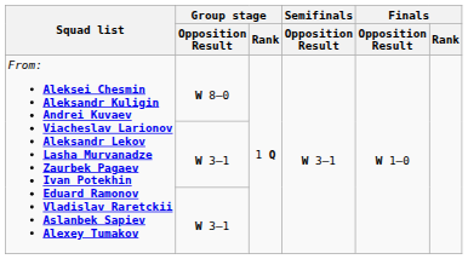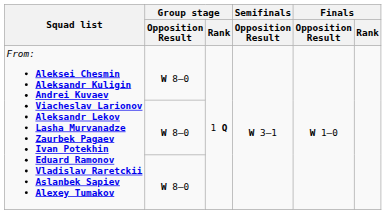 <table class=wikitable>
 <tr>
 <th rowspan="2">Squad list</th>
 <th colspan="2">Group stage</th>
 <th>Semifinals</th>
 <th colspan="2">Finals</th>
 </tr>
 <tr>
 <th>Opposition<br>Result</th>
 <th>Rank</th>
 <th>Opposition<br>Result</th>
 <th>Opposition<br>Result</th>
 <th>Rank</th>
 </tr>
 <tr>
 <td rowspan="3"><em>From:</em><br><ul><li><strong><a href='#'>Aleksei Chesmin</a></strong></li><li><strong><a href='#'>Aleksandr Kuligin</a></strong></li><li><strong><a href='#'>Andrei Kuvaev</a></strong></li><li><strong><a href='#'>Viacheslav Larionov</a></strong></li><li><strong><a href='#'>Aleksandr Lekov</a></strong></li><li><strong><a href='#'>Lasha Murvanadze</a></strong></li><li><strong><a href='#'>Zaurbek Pagaev</a></strong></li><li><strong><a href='#'>Ivan Potekhin</a></strong></li><li><strong><a href='#'>Eduard Ramonov</a></strong></li><li><strong><a href='#'>Vladislav Raretckii</a></strong></li><li><strong><a href='#'>Aslanbek Sapiev</a></strong></li><li><strong><a href='#'>Alexey Tumakov</a></strong></li></ul></td>
 <td align="center"><br><strong>W</strong> 8–0</td>
 <td align="center" rowspan="3">1 <strong>Q</strong></td>
 <td align="center" rowspan="3"><br><strong>W</strong> 3–1</td>
 <td align="center" rowspan="3"><br><strong>W</strong> 1–0</td>
 <td align="center" rowspan="3"></td>
 </tr>
 <tr>
-<td align="center"><br><strong>W</strong> 3–1</td>
+<td align="center"><br><strong>W</strong> 8–0</td>
 </tr>
 <tr>
-<td align="center"><br><strong>W</strong> 3–1</td>
+<td align="center"><br><strong>W</strong> 8–0</td>
 </tr>
 </table>
